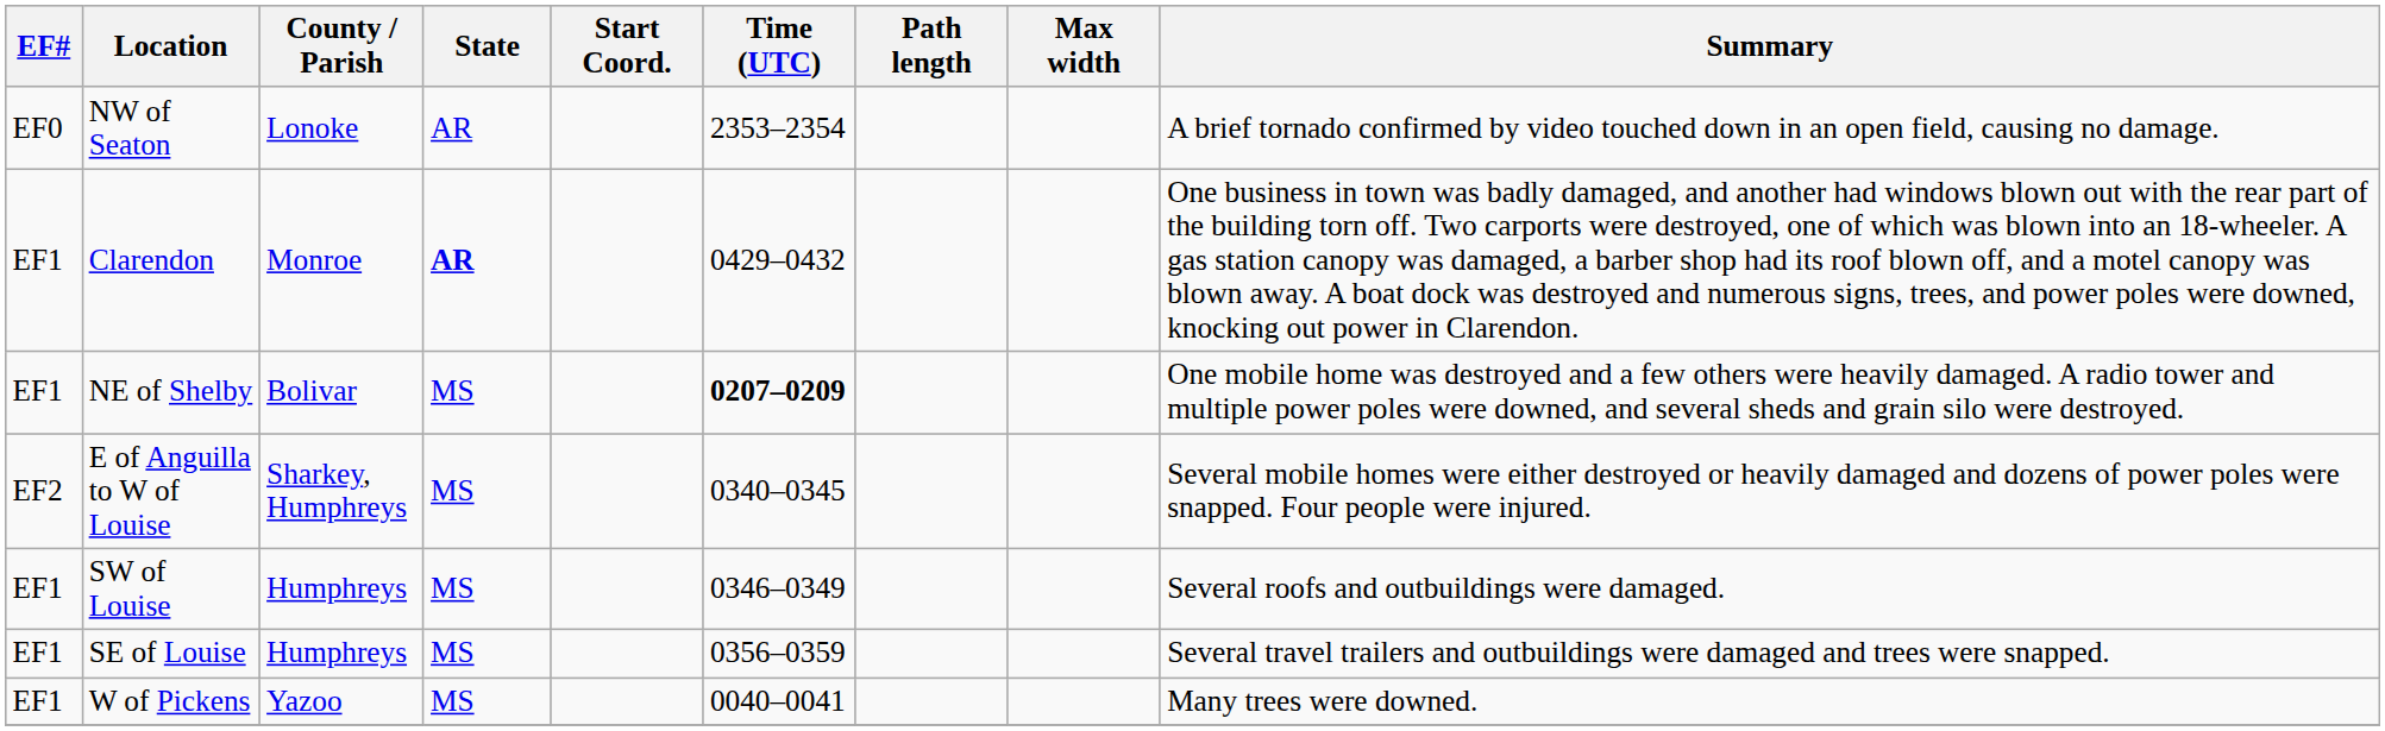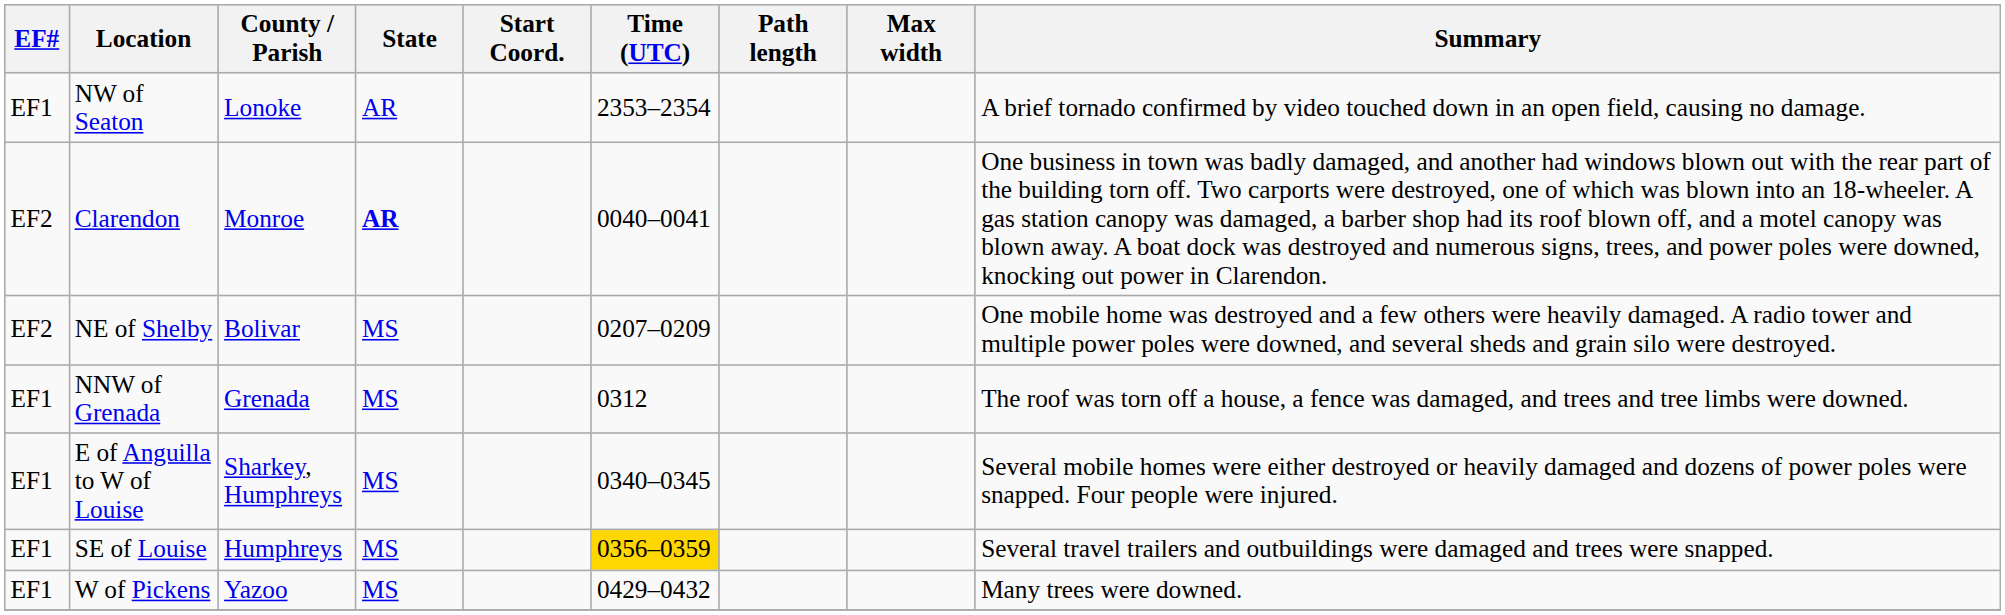 <table class="wikitable sortable" style="width:100%;">
 <tr>
 <th scope="col" width="3%" align="center"><a href='#'>EF#</a></th>
 <th scope="col" width="7%" align="center" class="unsortable">Location</th>
 <th scope="col" width="6%" align="center" class="unsortable">County / Parish</th>
 <th scope="col" width="5%" align="center">State</th>
 <th scope="col" width="6%" align="center">Start Coord.</th>
 <th scope="col" width="6%" align="center">Time (<a href='#'>UTC</a>)</th>
 <th scope="col" width="6%" align="center">Path length</th>
 <th scope="col" width="6%" align="center">Max width</th>
 <th scope="col" width="48%" class="unsortable" align="center">Summary</th>
 </tr>
 <tr>
-<td>EF0</td>
+<td>EF1</td>
 <td>NW of <a href='#'>Seaton</a></td>
 <td><a href='#'>Lonoke</a></td>
 <td><a href='#'>AR</a></td>
 <td></td>
 <td>2353–2354</td>
 <td></td>
 <td></td>
 <td>A brief tornado confirmed by video touched down in an open field, causing no damage.</td>
 </tr>
 <tr>
-<td>EF1</td>
+<td>EF2</td>
 <td><a href='#'>Clarendon</a></td>
 <td><a href='#'>Monroe</a></td>
 <td><strong><a href='#'>AR</a></strong></td>
 <td></td>
-<td>0429–0432</td>
+<td>0040–0041</td>
 <td></td>
 <td></td>
 <td>One business in town was badly damaged, and another had windows blown out with the rear part of the building torn off. Two carports were destroyed, one of which was blown into an 18-wheeler. A gas station canopy was damaged, a barber shop had its roof blown off, and a motel canopy was blown away. A boat dock was destroyed and numerous signs, trees, and power poles were downed, knocking out power in Clarendon.</td>
 </tr>
 <tr>
-<td>EF1</td>
+<td>EF2</td>
 <td>NE of <a href='#'>Shelby</a></td>
 <td><a href='#'>Bolivar</a></td>
 <td><a href='#'>MS</a></td>
 <td></td>
-<td><strong>0207–0209</strong></td>
+<td>0207–0209</td>
 <td></td>
 <td></td>
 <td>One mobile home was destroyed and a few others were heavily damaged. A radio tower and multiple power poles were downed, and several sheds and grain silo were destroyed.</td>
 </tr>
 <tr>
-<td>EF2</td>
+<td>EF1</td>
+<td>NNW of <a href='#'>Grenada</a></td>
+<td><a href='#'>Grenada</a></td>
+<td><a href='#'>MS</a></td>
+<td></td>
+<td>0312</td>
+<td></td>
+<td></td>
+<td>The roof was torn off a house, a fence was damaged, and trees and tree limbs were downed.</td>
+</tr>
+<tr>
+<td>EF1</td>
 <td>E of <a href='#'>Anguilla</a> to W of <a href='#'>Louise</a></td>
 <td><a href='#'>Sharkey</a>, <a href='#'>Humphreys</a></td>
 <td><a href='#'>MS</a></td>
 <td></td>
 <td>0340–0345</td>
 <td></td>
 <td></td>
 <td>Several mobile homes were either destroyed or heavily damaged and dozens of power poles were snapped. Four people were injured.</td>
 </tr>
 <tr>
 <td>EF1</td>
-<td>SW of <a href='#'>Louise</a></td>
-<td><a href='#'>Humphreys</a></td>
-<td><a href='#'>MS</a></td>
-<td></td>
-<td>0346–0349</td>
-<td></td>
-<td></td>
-<td>Several roofs and outbuildings were damaged.</td>
-</tr>
-<tr>
-<td>EF1</td>
 <td>SE of <a href='#'>Louise</a></td>
 <td><a href='#'>Humphreys</a></td>
 <td><a href='#'>MS</a></td>
 <td></td>
-<td>0356–0359</td>
+<td style="background: gold;">0356–0359</td>
 <td></td>
 <td></td>
 <td>Several travel trailers and outbuildings were damaged and trees were snapped.</td>
 </tr>
 <tr>
 <td>EF1</td>
 <td>W of <a href='#'>Pickens</a></td>
 <td><a href='#'>Yazoo</a></td>
 <td><a href='#'>MS</a></td>
 <td></td>
-<td>0040–0041</td>
+<td>0429–0432</td>
 <td></td>
 <td></td>
 <td>Many trees were downed.</td>
 </tr>
 <tr>
 </tr>
 </table>
